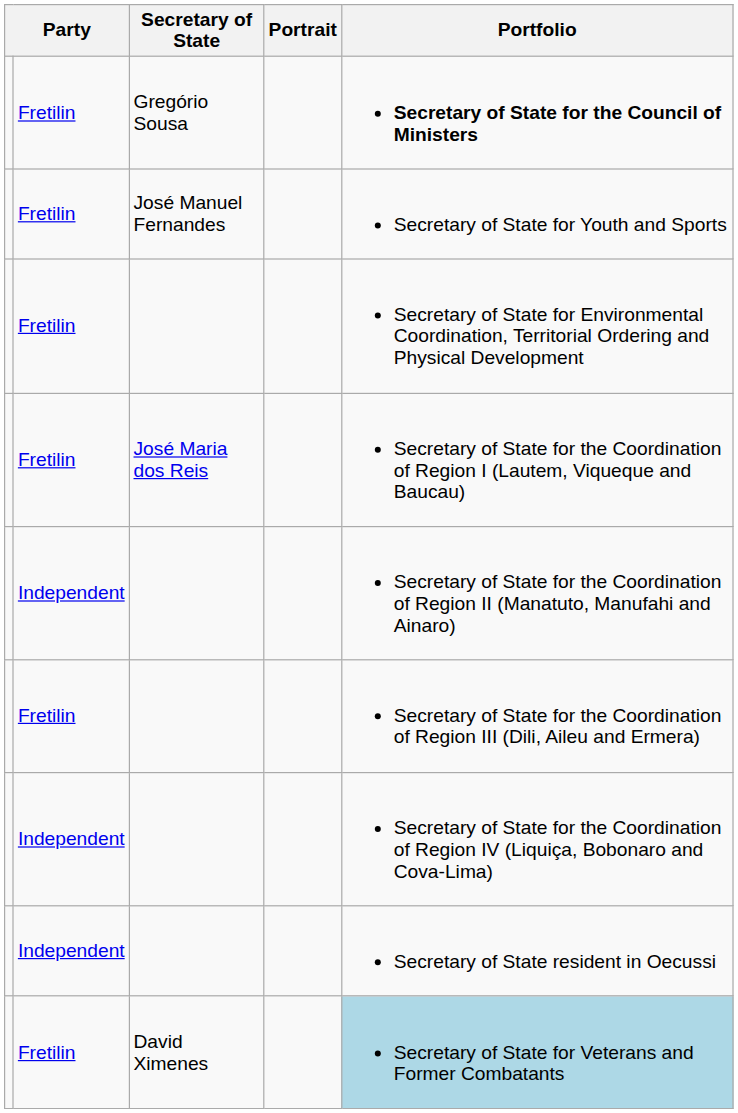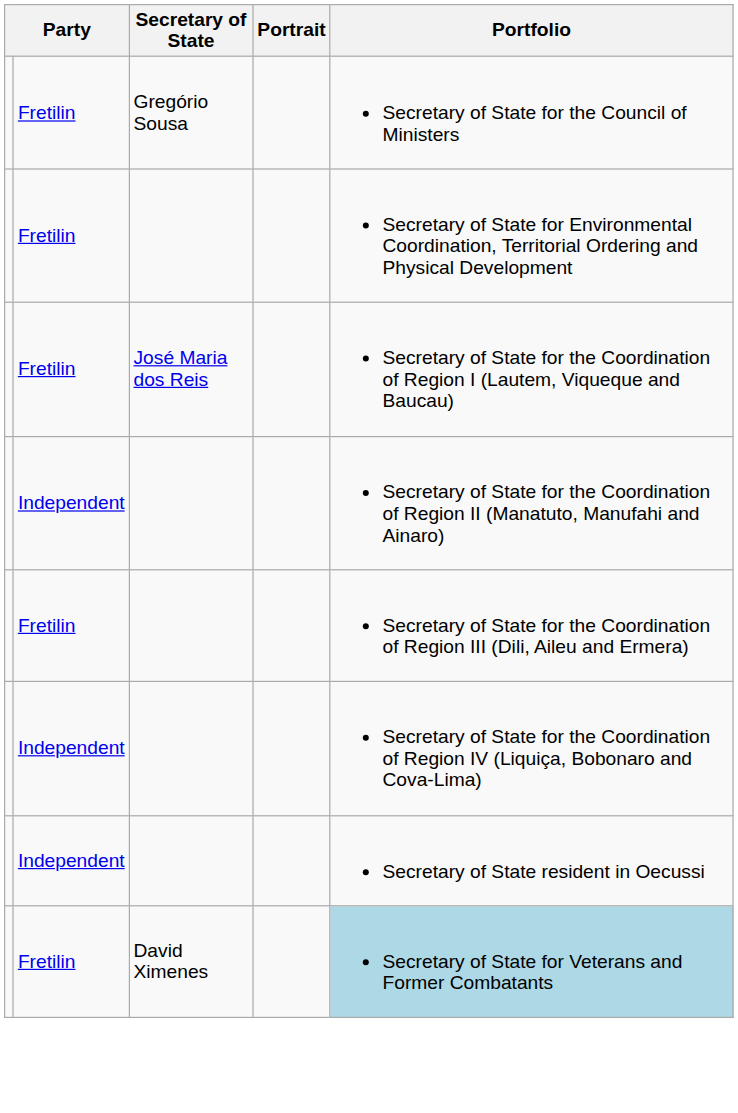 <table class="wikitable sortable">
 <tr>
 <th colspan="2">Party</th>
 <th>Secretary of State</th>
 <th>Portrait</th>
 <th>Portfolio</th>
 </tr>
 <tr>
 <td style="background:"></td>
 <td><a href='#'>Fretilin</a></td>
 <td>Gregório Sousa</td>
 <td></td>
-<td><strong><br><ul><li>Secretary of State for the Council of Ministers</li></ul></strong></td>
-</tr>
-<tr>
-<td style="background:"></td>
-<td><a href='#'>Fretilin</a></td>
-<td>José Manuel Fernandes</td>
-<td></td>
-<td><br><ul><li>Secretary of State for Youth and Sports</li></ul></td>
+<td><br><ul><li>Secretary of State for the Council of Ministers</li></ul></td>
 </tr>
 <tr>
 <td style="background:"></td>
 <td><a href='#'>Fretilin</a></td>
 <td></td>
 <td></td>
 <td><br><ul><li>Secretary of State for Environmental Coordination, Territorial Ordering and Physical Development</li></ul></td>
 </tr>
 <tr>
 <td style="background:"></td>
 <td><a href='#'>Fretilin</a></td>
 <td><a href='#'>José Maria dos Reis</a></td>
 <td></td>
 <td><br><ul><li>Secretary of State for the Coordination of Region I (Lautem, Viqueque and Baucau)</li></ul></td>
 </tr>
 <tr>
 <td style="background:"></td>
 <td><a href='#'>Independent</a></td>
 <td></td>
 <td></td>
 <td><br><ul><li>Secretary of State for the Coordination of Region II (Manatuto, Manufahi and Ainaro)</li></ul></td>
 </tr>
 <tr>
 <td style="background:"></td>
 <td><a href='#'>Fretilin</a></td>
 <td></td>
 <td></td>
 <td><br><ul><li>Secretary of State for the Coordination of Region III (Dili, Aileu and Ermera)</li></ul></td>
 </tr>
 <tr>
 <td style="background:"></td>
 <td><a href='#'>Independent</a></td>
 <td></td>
 <td></td>
 <td><br><ul><li>Secretary of State for the Coordination of Region IV (Liquiça, Bobonaro and Cova-Lima)</li></ul></td>
 </tr>
 <tr>
 <td style="background:"></td>
 <td><a href='#'>Independent</a></td>
 <td></td>
 <td></td>
 <td><br><ul><li>Secretary of State resident in Oecussi</li></ul></td>
 </tr>
 <tr>
 <td style="background:"></td>
 <td><a href='#'>Fretilin</a></td>
 <td>David Ximenes</td>
 <td></td>
 <td style="background: lightblue;"><br><ul><li>Secretary of State for Veterans and Former Combatants</li></ul></td>
 </tr>
 </table>
